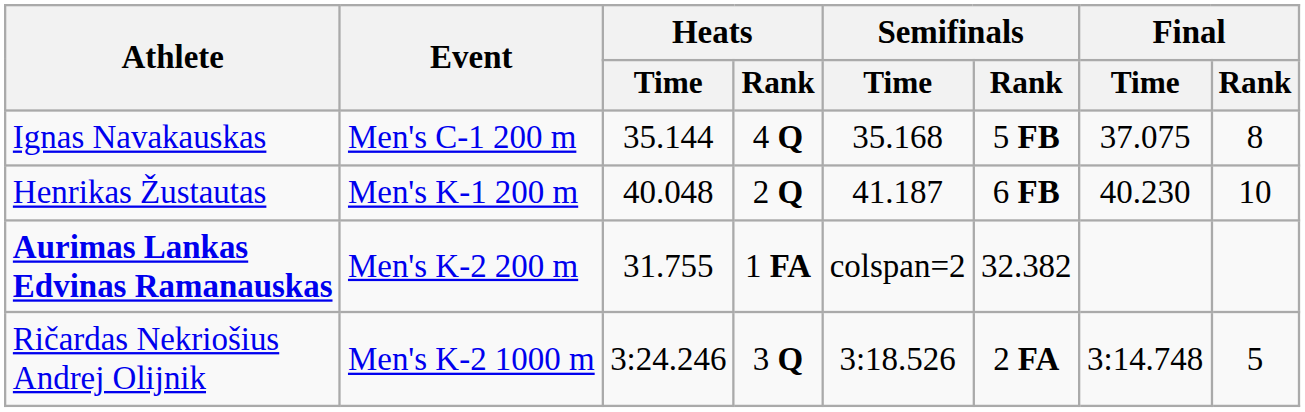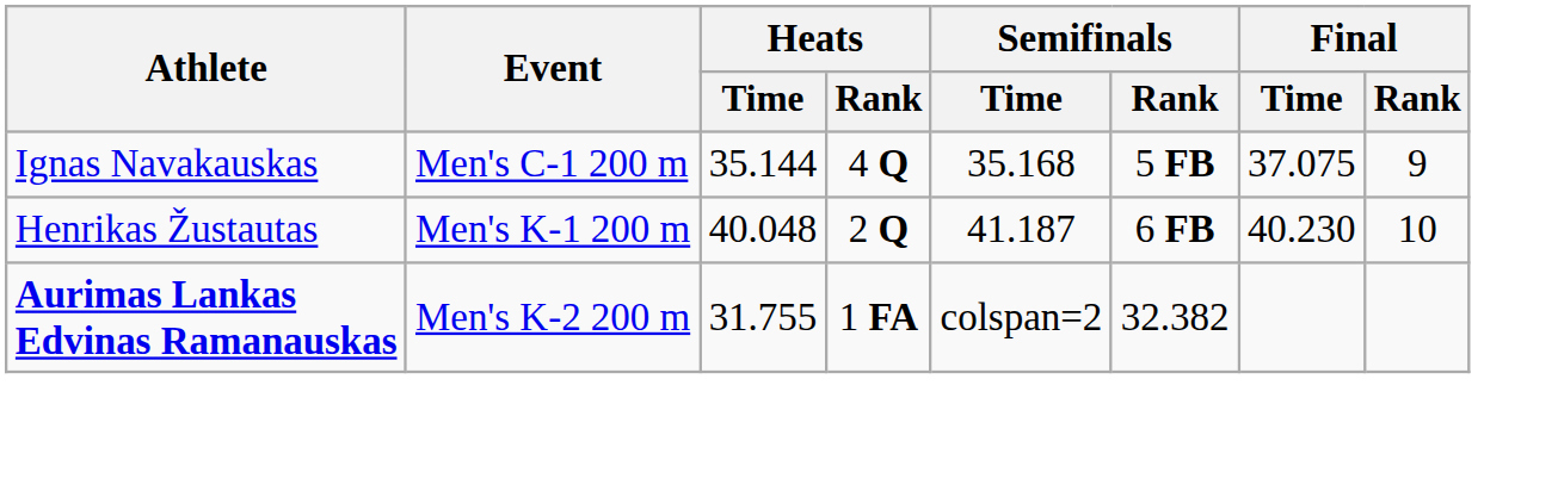 <table class=wikitable style="font-size:90%">
 <tr>
 <th rowspan="2">Athlete</th>
 <th rowspan="2">Event</th>
 <th colspan=2>Heats</th>
 <th colspan=2>Semifinals</th>
 <th colspan=2>Final</th>
 </tr>
 <tr style="font-size:95%">
 <th>Time</th>
 <th>Rank</th>
 <th>Time</th>
 <th>Rank</th>
 <th>Time</th>
 <th>Rank</th>
 </tr>
 <tr align=center>
 <td align=left><a href='#'>Ignas Navakauskas</a></td>
 <td align=left><a href='#'>Men's C-1 200 m</a></td>
 <td>35.144</td>
 <td>4 <strong>Q</strong></td>
 <td>35.168</td>
 <td>5 <strong>FB</strong></td>
 <td>37.075</td>
-<td>8</td>
+<td>9</td>
 </tr>
 <tr align=center>
 <td align=left><a href='#'>Henrikas Žustautas</a></td>
 <td align=left><a href='#'>Men's K-1 200 m</a></td>
 <td>40.048</td>
 <td>2 <strong>Q</strong></td>
 <td>41.187</td>
 <td>6 <strong>FB</strong></td>
 <td>40.230</td>
 <td>10</td>
 </tr>
 <tr align=center>
 <td align=left><strong><a href='#'>Aurimas Lankas</a><br><a href='#'>Edvinas Ramanauskas</a></strong></td>
 <td align=left><a href='#'>Men's K-2 200 m</a></td>
 <td>31.755</td>
 <td>1 <strong>FA</strong></td>
 <td>colspan=2 </td>
 <td>32.382</td>
 <td></td>
 </tr>
-<tr align=center>
-<td align=left><a href='#'>Ričardas Nekriošius</a><br><a href='#'>Andrej Olijnik</a></td>
-<td align=left><a href='#'>Men's K-2 1000 m</a></td>
-<td>3:24.246</td>
-<td>3 <strong>Q</strong></td>
-<td>3:18.526</td>
-<td>2 <strong>FA</strong></td>
-<td>3:14.748</td>
-<td>5</td>
-</tr>
 </table>
